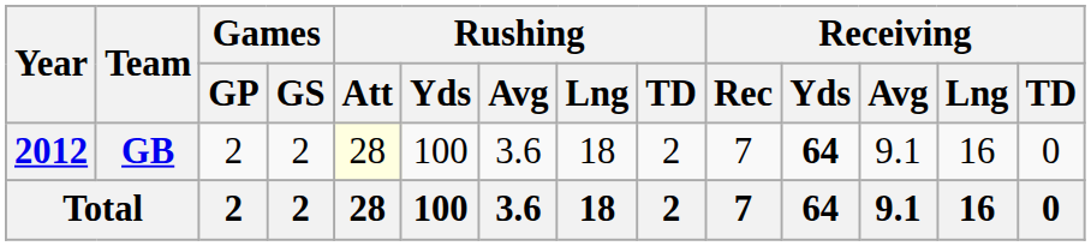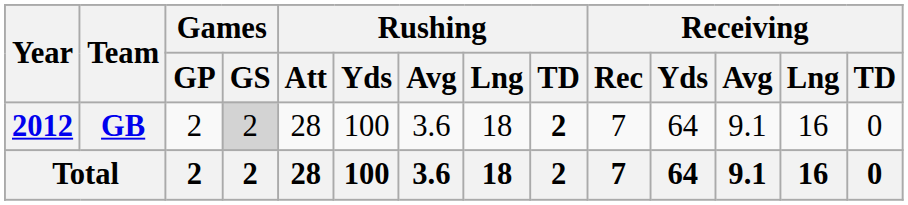 <table class=wikitable style="text-align:center;">
 <tr>
 <th rowspan=2>Year</th>
 <th rowspan=2>Team</th>
 <th colspan=2>Games</th>
 <th colspan=5>Rushing</th>
 <th colspan=5>Receiving</th>
 </tr>
 <tr>
 <th>GP</th>
 <th>GS</th>
 <th>Att</th>
 <th>Yds</th>
 <th>Avg</th>
 <th>Lng</th>
 <th>TD</th>
 <th>Rec</th>
 <th>Yds</th>
 <th>Avg</th>
 <th>Lng</th>
 <th>TD</th>
 </tr>
 <tr>
 <th><a href='#'>2012</a></th>
 <th><a href='#'>GB</a></th>
 <td>2</td>
-<td>2</td>
-<td style="background: lightyellow;">28</td>
+<td style="background: lightgrey;">2</td>
+<td>28</td>
 <td>100</td>
 <td>3.6</td>
 <td>18</td>
-<td>2</td>
+<td><strong>2</strong></td>
 <td>7</td>
-<td><strong>64</strong></td>
+<td>64</td>
 <td>9.1</td>
 <td>16</td>
 <td>0</td>
 </tr>
 <tr>
 <th colspan="2">Total</th>
 <th>2</th>
 <th>2</th>
 <th>28</th>
 <th>100</th>
 <th>3.6</th>
 <th>18</th>
 <th>2</th>
 <th>7</th>
 <th>64</th>
 <th>9.1</th>
 <th>16</th>
 <th>0</th>
 </tr>
 </table>
